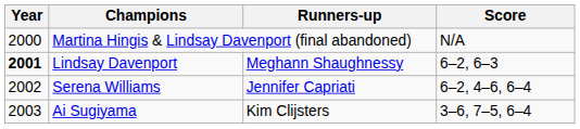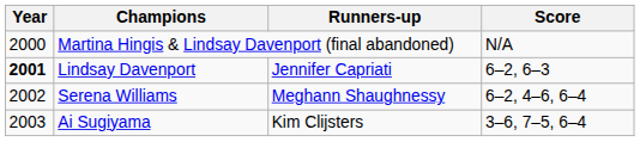 <table class="wikitable">
 <tr>
 <th style="width:40px">Year</th>
 <th style="width:200px">Champions</th>
 <th style="width:200px">Runners-up</th>
 <th style="width:140px" class="unsortable">Score</th>
 </tr>
 <tr>
 <td>2000</td>
 <td colspan=2> <a href='#'>Martina Hingis</a> &  <a href='#'>Lindsay Davenport</a> (final abandoned)</td>
 <td>N/A</td>
 </tr>
 <tr>
 <td><strong>2001</strong></td>
 <td> <a href='#'>Lindsay Davenport</a></td>
-<td> <a href='#'>Meghann Shaughnessy</a></td>
+<td> <a href='#'>Jennifer Capriati</a></td>
 <td>6–2, 6–3</td>
 </tr>
 <tr>
 <td>2002</td>
 <td> <a href='#'>Serena Williams</a></td>
-<td> <a href='#'>Jennifer Capriati</a></td>
+<td> <a href='#'>Meghann Shaughnessy</a></td>
 <td>6–2, 4–6, 6–4</td>
 </tr>
 <tr>
 <td>2003</td>
 <td> <a href='#'>Ai Sugiyama</a></td>
 <td> Kim Clijsters</td>
 <td>3–6, 7–5, 6–4</td>
 </tr>
 </table>
